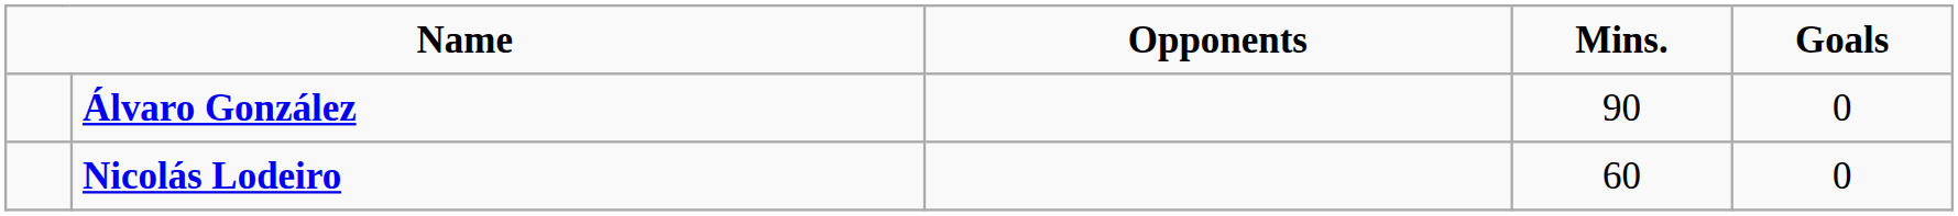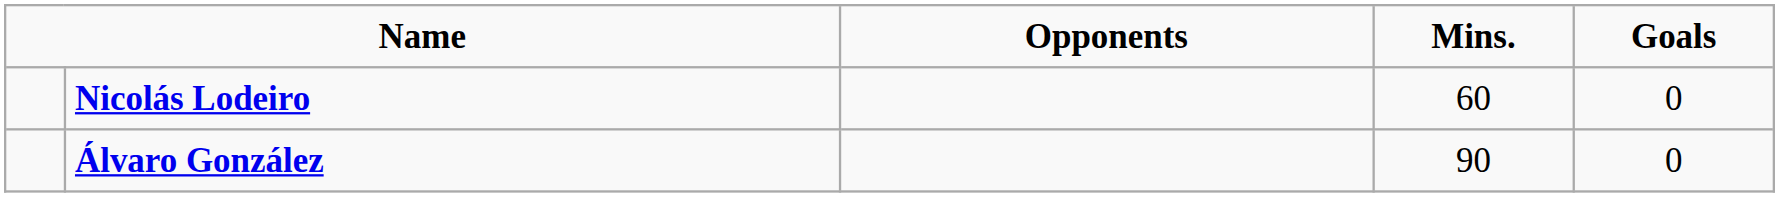 <table class= width=90% border="2" cellpadding="4" cellspacing="0" style="text-align=center: 1em 1em 1em 0; background: #f9f9f9; border: 1px #aaa solid; border-collapse: collapse; font-size: 95%;">
 <tr>
 <th width=25% colspan=2>Name</th>
 <th width=16%>Opponents</th>
 <th width=6%>Mins.</th>
 <th width=6%>Goals</th>
 </tr>
 <tr>
 <td align=center></td>
+<td><strong><a href='#'>Nicolás Lodeiro</a></strong></td>
+<td></td>
+<td align=center>60</td>
+<td align=center>0</td>
+</tr>
+<tr>
+<td align=center></td>
 <td><strong><a href='#'>Álvaro González</a></strong></td>
 <td></td>
 <td align=center>90</td>
 <td align=center>0</td>
 </tr>
-<tr>
-<td align=center></td>
-<td><strong><a href='#'>Nicolás Lodeiro</a></strong></td>
-<td></td>
-<td align=center>60</td>
-<td align=center>0</td>
-</tr>
 </table>
